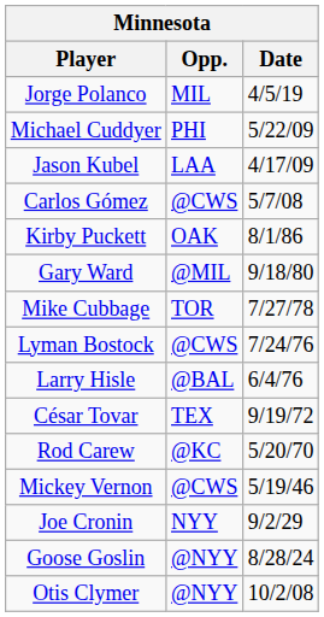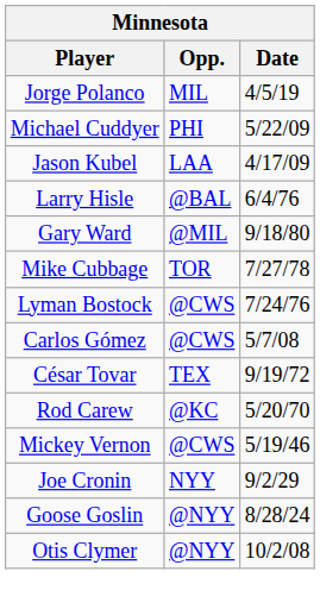 <table class="wikitable" style="font-size: 95%; text-align:left;">
 <tr>
 <th colspan="3">Minnesota</th>
 </tr>
 <tr>
 <th>Player</th>
 <th>Opp.</th>
 <th>Date</th>
 </tr>
 <tr>
 <td align="center"><a href='#'>Jorge Polanco</a></td>
 <td><a href='#'>MIL</a></td>
 <td>4/5/19</td>
 </tr>
 <tr>
 <td align="center"><a href='#'>Michael Cuddyer</a></td>
 <td><a href='#'>PHI</a></td>
 <td>5/22/09</td>
 </tr>
 <tr>
 <td align="center"><a href='#'>Jason Kubel</a></td>
 <td><a href='#'>LAA</a></td>
 <td>4/17/09</td>
 </tr>
 <tr>
-<td align="center"><a href='#'>Carlos Gómez</a></td>
-<td><a href='#'>@CWS</a></td>
-<td>5/7/08</td>
-</tr>
-<tr>
-<td align="center"><a href='#'>Kirby Puckett</a></td>
-<td><a href='#'>OAK</a></td>
-<td>8/1/86</td>
+<td align="center"><a href='#'>Larry Hisle</a></td>
+<td><a href='#'>@BAL</a></td>
+<td>6/4/76</td>
 </tr>
 <tr>
 <td align="center"><a href='#'>Gary Ward</a></td>
 <td><a href='#'>@MIL</a></td>
 <td>9/18/80</td>
 </tr>
 <tr>
 <td align="center"><a href='#'>Mike Cubbage</a></td>
 <td><a href='#'>TOR</a></td>
 <td>7/27/78</td>
 </tr>
 <tr>
 <td align="center"><a href='#'>Lyman Bostock</a></td>
 <td><a href='#'>@CWS</a></td>
 <td>7/24/76</td>
 </tr>
 <tr>
-<td align="center"><a href='#'>Larry Hisle</a></td>
-<td><a href='#'>@BAL</a></td>
-<td>6/4/76</td>
+<td align="center"><a href='#'>Carlos Gómez</a></td>
+<td><a href='#'>@CWS</a></td>
+<td>5/7/08</td>
 </tr>
 <tr>
 <td align="center"><a href='#'>César Tovar</a></td>
 <td><a href='#'>TEX</a></td>
 <td>9/19/72</td>
 </tr>
 <tr>
 <td align="center"><a href='#'>Rod Carew</a></td>
 <td><a href='#'>@KC</a></td>
 <td>5/20/70</td>
 </tr>
 <tr>
 <td align="center"><a href='#'>Mickey Vernon</a></td>
 <td><a href='#'>@CWS</a></td>
 <td>5/19/46</td>
 </tr>
 <tr>
 <td align="center"><a href='#'>Joe Cronin</a></td>
 <td><a href='#'>NYY</a></td>
 <td>9/2/29</td>
 </tr>
 <tr>
 <td align="center"><a href='#'>Goose Goslin</a></td>
 <td><a href='#'>@NYY</a></td>
 <td>8/28/24</td>
 </tr>
 <tr>
 <td align="center"><a href='#'>Otis Clymer</a></td>
 <td><a href='#'>@NYY</a></td>
 <td>10/2/08</td>
 </tr>
 </table>
